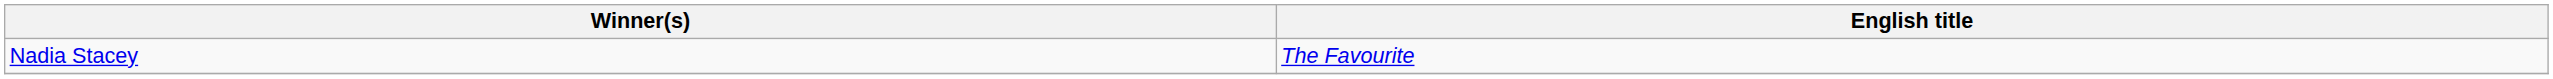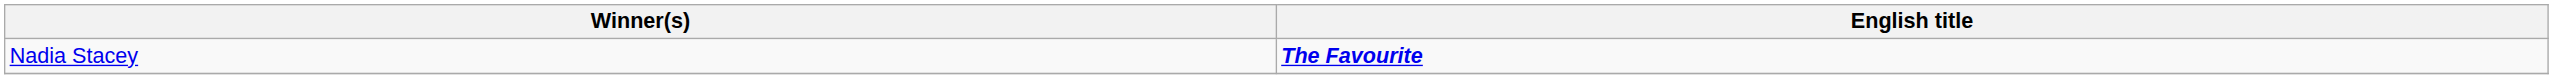 <table class="wikitable" width="95%" cellpadding="5">
 <tr>
 <th width="18%">Winner(s)</th>
 <th width="18%">English title</th>
 </tr>
 <tr>
 <td>  <a href='#'>Nadia Stacey</a></td>
-<td><em><a href='#'>The Favourite</a></em></td>
+<td><strong><em><a href='#'>The Favourite</a></em></strong></td>
 </tr>
 <tr>
 </tr>
 </table>
